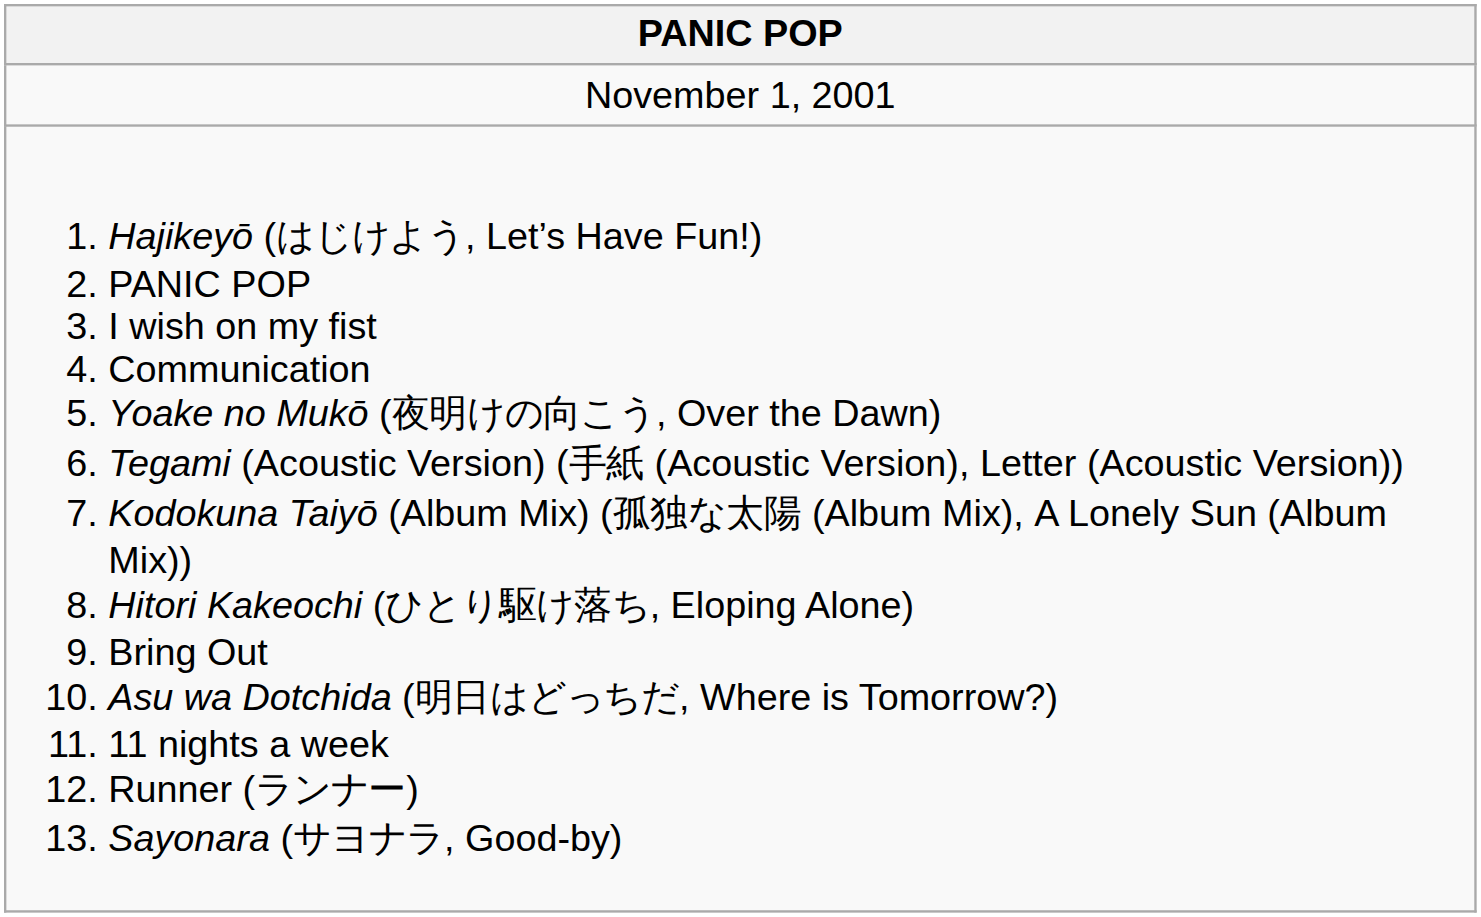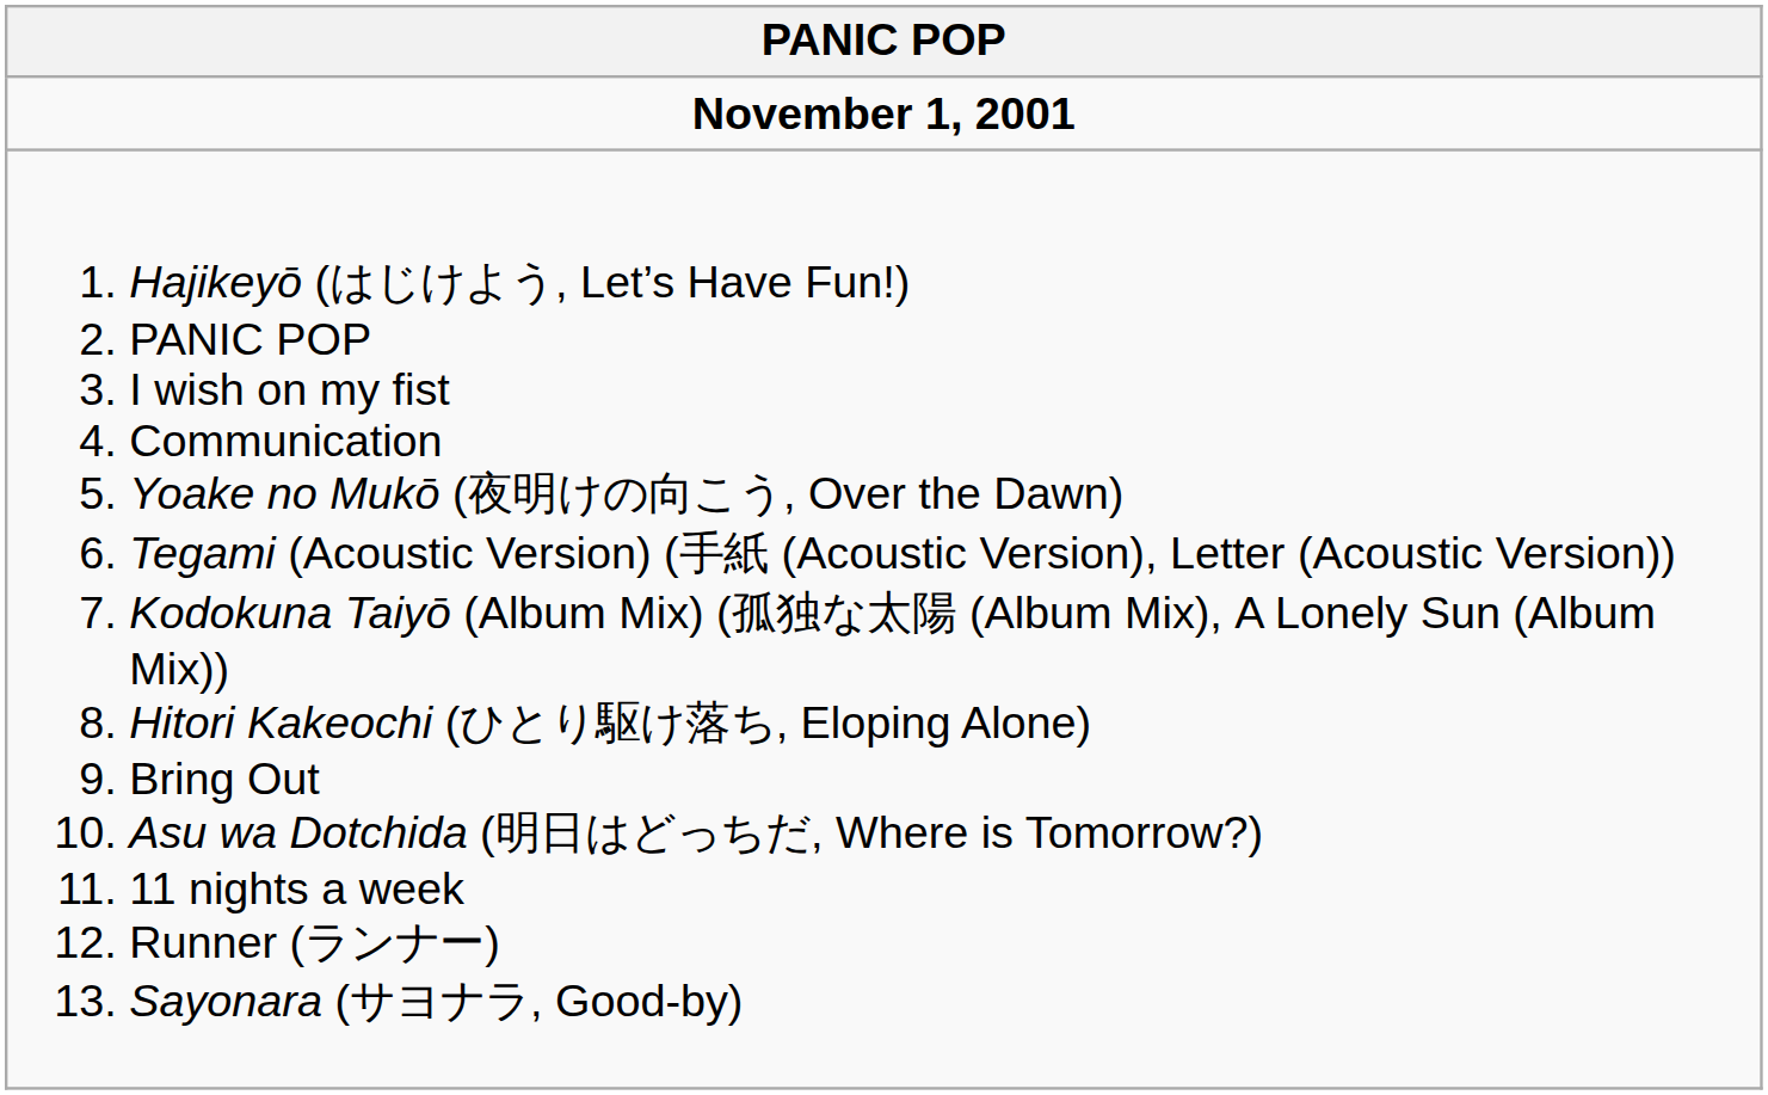 <table class="wikitable" style="width:100%">
 <tr>
 <th>PANIC POP</th>
 </tr>
 <tr>
-<td style="text-align:center">November 1, 2001</td>
+<td style="text-align:center"><strong>November 1, 2001</strong></td>
 </tr>
 <tr>
 <td><br><ol><li><em>Hajikeyō</em> (はじけよう, Let’s Have Fun!)</li><li>PANIC POP</li><li>I wish on my fist</li><li>Communication</li><li><em>Yoake no Mukō</em> (夜明けの向こう, Over the Dawn)</li><li><em>Tegami</em> (Acoustic Version) (手紙 (Acoustic Version), Letter (Acoustic Version))</li><li><em>Kodokuna Taiyō</em> (Album Mix) (孤独な太陽 (Album Mix), A Lonely Sun (Album Mix))</li><li><em>Hitori Kakeochi</em> (ひとり駆け落ち, Eloping Alone)</li><li>Bring Out</li><li><em>Asu wa Dotchida</em> (明日はどっちだ, Where is Tomorrow?)</li><li>11 nights a week</li><li>Runner (ランナー)</li><li><em>Sayonara</em> (サヨナラ, Good-by)</li></ol></td>
 </tr>
 </table>
